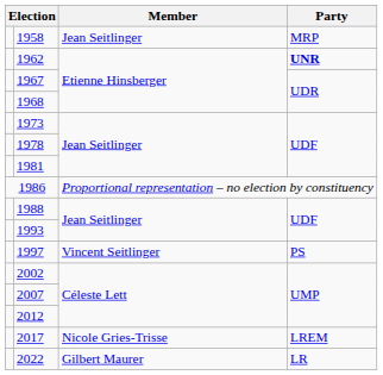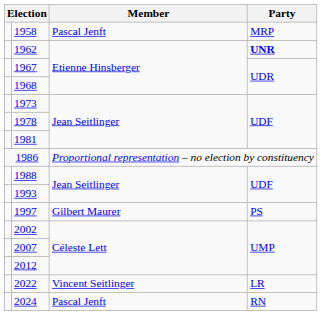 <table class="wikitable">
 <tr>
 <th colspan="2">Election</th>
 <th>Member</th>
 <th>Party</th>
 </tr>
 <tr>
 <td style="color:inherit;background-color: "></td>
 <td><a href='#'>1958</a></td>
-<td><a href='#'>Jean Seitlinger</a></td>
+<td><a href='#'>Pascal Jenft</a></td>
 <td><a href='#'>MRP</a></td>
 </tr>
 <tr>
 <td style="color:inherit;background-color: "></td>
 <td><a href='#'>1962</a></td>
 <td rowspan="3"><a href='#'>Etienne Hinsberger</a></td>
 <td><strong><a href='#'>UNR</a></strong></td>
 </tr>
 <tr>
 <td style="color:inherit;background-color: "></td>
 <td><a href='#'>1967</a></td>
 <td rowspan="2"><a href='#'>UDR</a></td>
 </tr>
 <tr>
 <td style="color:inherit;background-color: "></td>
 <td><a href='#'>1968</a></td>
 </tr>
 <tr>
 <td style="color:inherit;background-color: "></td>
 <td><a href='#'>1973</a></td>
 <td rowspan="3"><a href='#'>Jean Seitlinger</a></td>
 <td rowspan="3"><a href='#'>UDF</a></td>
 </tr>
 <tr>
 <td style="color:inherit;background-color: "></td>
 <td><a href='#'>1978</a></td>
 </tr>
 <tr>
 <td style="color:inherit;background-color: "></td>
 <td><a href='#'>1981</a></td>
 </tr>
 <tr>
 <td colspan="2" align="center"><a href='#'>1986</a></td>
 <td colspan="2"><em><a href='#'>Proportional representation</a> – no election by constituency</em></td>
 </tr>
 <tr>
 <td style="color:inherit;background-color: "></td>
 <td><a href='#'>1988</a></td>
 <td rowspan="2"><a href='#'>Jean Seitlinger</a></td>
 <td rowspan="2"><a href='#'>UDF</a></td>
 </tr>
 <tr>
 <td style="color:inherit;background-color: "></td>
 <td><a href='#'>1993</a></td>
 </tr>
 <tr>
 <td style="color:inherit;background-color: "></td>
 <td><a href='#'>1997</a></td>
-<td><a href='#'>Vincent Seitlinger</a></td>
+<td><a href='#'>Gilbert Maurer</a></td>
 <td><a href='#'>PS</a></td>
 </tr>
 <tr>
 <td style="color:inherit;background-color: "></td>
 <td><a href='#'>2002</a></td>
 <td rowspan="3"><a href='#'>Céleste Lett</a></td>
 <td rowspan="3"><a href='#'>UMP</a></td>
 </tr>
 <tr>
 <td style="color:inherit;background-color: "></td>
 <td><a href='#'>2007</a></td>
 </tr>
 <tr>
 <td style="color:inherit;background-color: "></td>
 <td><a href='#'>2012</a></td>
 </tr>
 <tr>
 <td style="color:inherit;background-color: "></td>
-<td><a href='#'>2017</a></td>
-<td><a href='#'>Nicole Gries-Trisse</a></td>
-<td><a href='#'>LREM</a></td>
+<td><a href='#'>2022</a></td>
+<td><a href='#'>Vincent Seitlinger</a></td>
+<td><a href='#'>LR</a></td>
 </tr>
 <tr>
 <td style="color:inherit;background-color: "></td>
-<td><a href='#'>2022</a></td>
-<td><a href='#'>Gilbert Maurer</a></td>
-<td><a href='#'>LR</a></td>
+<td><a href='#'>2024</a></td>
+<td><a href='#'>Pascal Jenft</a></td>
+<td><a href='#'>RN</a></td>
 </tr>
 </table>
